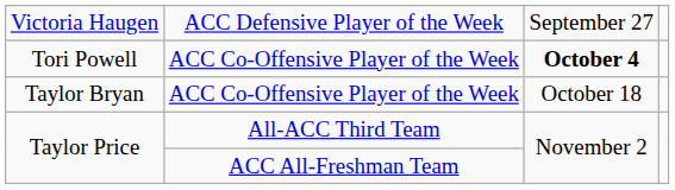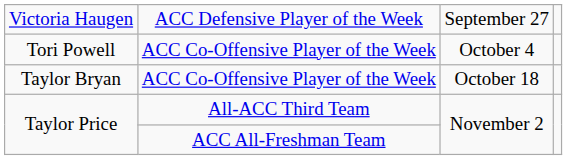 <table class="wikitable sortable" style="text-align: center">
 <tr>
 <td><a href='#'>Victoria Haugen</a></td>
 <td><a href='#'>ACC Defensive Player of the Week</a></td>
 <td>September 27</td>
 <td></td>
 </tr>
 <tr>
 <td>Tori Powell</td>
 <td><a href='#'>ACC Co-Offensive Player of the Week</a></td>
-<td><strong>October 4</strong></td>
+<td>October 4</td>
 <td></td>
 </tr>
 <tr>
 <td>Taylor Bryan</td>
 <td><a href='#'>ACC Co-Offensive Player of the Week</a></td>
 <td>October 18</td>
 <td></td>
 </tr>
 <tr>
 <td rowspan=2>Taylor Price</td>
 <td><a href='#'>All-ACC Third Team</a></td>
 <td rowspan=2>November 2</td>
 <td rowspan=2></td>
 </tr>
 <tr>
 <td><a href='#'>ACC All-Freshman Team</a></td>
 </tr>
 </table>
